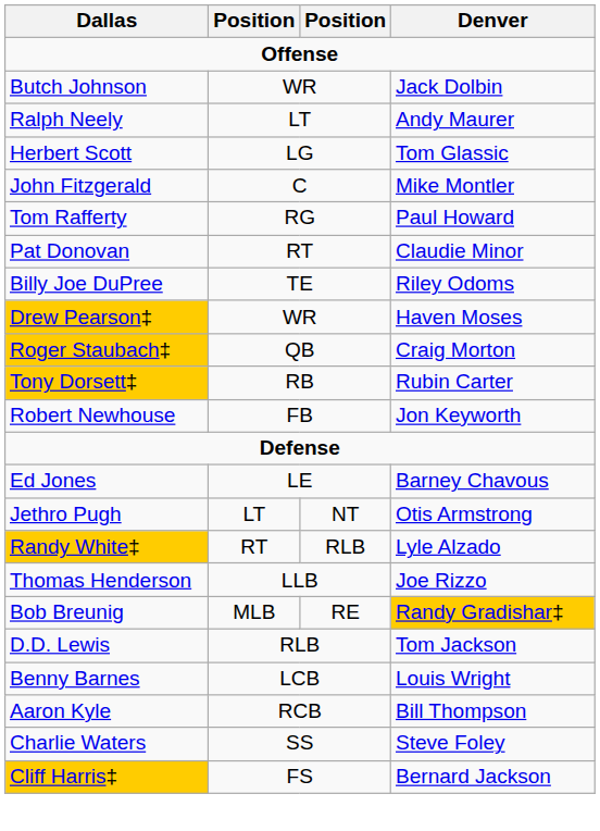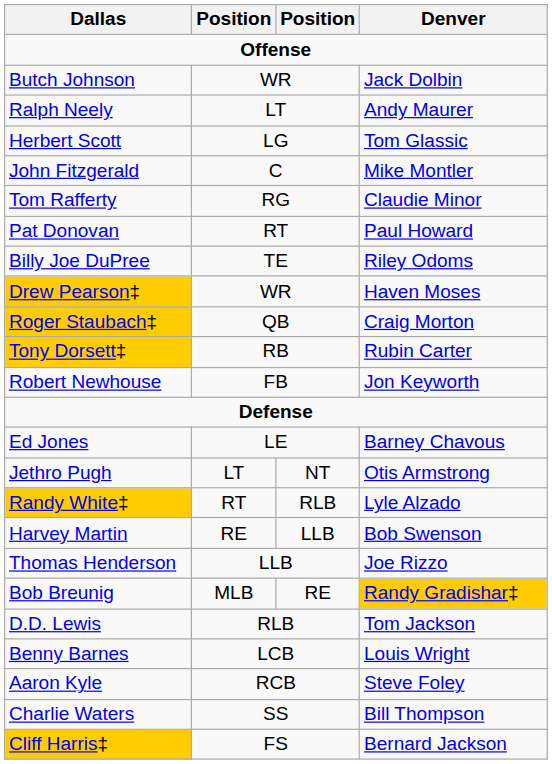 <table class="wikitable">
 <tr>
 <th width="150px">Dallas</th>
 <th>Position</th>
 <th>Position</th>
 <th width="150px">Denver</th>
 </tr>
 <tr>
 <td colspan="4" style="text-align:center;"><strong>Offense</strong></td>
 </tr>
 <tr>
 <td><a href='#'>Butch Johnson</a></td>
 <td colspan="2" style="text-align:center">WR</td>
 <td><a href='#'>Jack Dolbin</a></td>
 </tr>
 <tr>
 <td><a href='#'>Ralph Neely</a></td>
 <td colspan="2" style="text-align:center">LT</td>
 <td><a href='#'>Andy Maurer</a></td>
 </tr>
 <tr>
 <td><a href='#'>Herbert Scott</a></td>
 <td colspan="2" style="text-align:center">LG</td>
 <td><a href='#'>Tom Glassic</a></td>
 </tr>
 <tr>
 <td><a href='#'>John Fitzgerald</a></td>
 <td colspan="2" style="text-align:center">C</td>
 <td><a href='#'>Mike Montler</a></td>
 </tr>
 <tr>
 <td><a href='#'>Tom Rafferty</a></td>
 <td colspan="2" style="text-align:center">RG</td>
-<td><a href='#'>Paul Howard</a></td>
+<td><a href='#'>Claudie Minor</a></td>
 </tr>
 <tr>
 <td><a href='#'>Pat Donovan</a></td>
 <td colspan="2" style="text-align:center">RT</td>
-<td><a href='#'>Claudie Minor</a></td>
+<td><a href='#'>Paul Howard</a></td>
 </tr>
 <tr>
 <td><a href='#'>Billy Joe DuPree</a></td>
 <td colspan="2" style="text-align:center">TE</td>
 <td><a href='#'>Riley Odoms</a></td>
 </tr>
 <tr>
 <td style="background:#fc0;"><a href='#'>Drew Pearson</a>‡</td>
 <td colspan="2" style="text-align:center">WR</td>
 <td><a href='#'>Haven Moses</a></td>
 </tr>
 <tr>
 <td style="background:#fc0;"><a href='#'>Roger Staubach</a>‡</td>
 <td colspan="2" style="text-align:center">QB</td>
 <td><a href='#'>Craig Morton</a></td>
 </tr>
 <tr>
 <td style="background:#fc0;"><a href='#'>Tony Dorsett</a>‡</td>
 <td colspan="2" style="text-align:center">RB</td>
 <td><a href='#'>Rubin Carter</a></td>
 </tr>
 <tr>
 <td><a href='#'>Robert Newhouse</a></td>
 <td colspan="2" style="text-align:center">FB</td>
 <td><a href='#'>Jon Keyworth</a></td>
 </tr>
 <tr>
 <td colspan="4" style="text-align:center;"><strong>Defense</strong></td>
 </tr>
 <tr>
 <td><a href='#'>Ed Jones</a></td>
 <td colspan="2" style="text-align:center">LE</td>
 <td><a href='#'>Barney Chavous</a></td>
 </tr>
 <tr>
 <td><a href='#'>Jethro Pugh</a></td>
 <td style="text-align:center">LT</td>
 <td style="text-align:center">NT</td>
 <td><a href='#'>Otis Armstrong</a></td>
 </tr>
 <tr>
 <td style="background:#fc0;"><a href='#'>Randy White</a>‡</td>
 <td style="text-align:center">RT</td>
 <td style="text-align:center">RLB</td>
 <td><a href='#'>Lyle Alzado</a></td>
 </tr>
 <tr>
+<td><a href='#'>Harvey Martin</a></td>
+<td style="text-align:center">RE</td>
+<td style="text-align:center">LLB</td>
+<td><a href='#'>Bob Swenson</a></td>
+</tr>
+<tr>
 <td><a href='#'>Thomas Henderson</a></td>
 <td colspan="2" style="text-align:center">LLB</td>
 <td><a href='#'>Joe Rizzo</a></td>
 </tr>
 <tr>
 <td><a href='#'>Bob Breunig</a></td>
 <td style="text-align:center">MLB</td>
 <td style="text-align:center">RE</td>
 <td style="background:#fc0;"><a href='#'>Randy Gradishar</a>‡</td>
 </tr>
 <tr>
 <td><a href='#'>D.D. Lewis</a></td>
 <td colspan="2" style="text-align:center">RLB</td>
 <td><a href='#'>Tom Jackson</a></td>
 </tr>
 <tr>
 <td><a href='#'>Benny Barnes</a></td>
 <td colspan="2" style="text-align:center">LCB</td>
 <td><a href='#'>Louis Wright</a></td>
 </tr>
 <tr>
 <td><a href='#'>Aaron Kyle</a></td>
 <td colspan="2" style="text-align:center">RCB</td>
-<td><a href='#'>Bill Thompson</a></td>
+<td><a href='#'>Steve Foley</a></td>
 </tr>
 <tr>
 <td><a href='#'>Charlie Waters</a></td>
 <td colspan="2" style="text-align:center">SS</td>
-<td><a href='#'>Steve Foley</a></td>
+<td><a href='#'>Bill Thompson</a></td>
 </tr>
 <tr>
 <td style="background:#fc0;"><a href='#'>Cliff Harris</a>‡</td>
 <td colspan="2" style="text-align:center">FS</td>
 <td><a href='#'>Bernard Jackson</a></td>
 </tr>
 </table>
